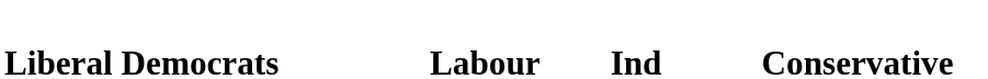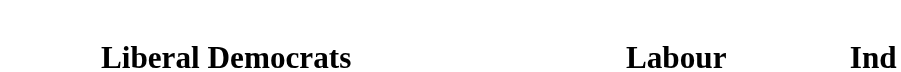 <table style="width:60%; text-align:center;">
 <tr style="color:white;">
 <td style="background:"><strong>24</strong></td>
 <td style="background:"><strong>9</strong></td>
 <td style="background:"><strong>4</strong></td>
-<td style="background:"><strong>23</strong></td>
 </tr>
 <tr>
 <td><span><strong>Liberal Democrats</strong></span></td>
 <td><span><strong>Labour</strong></span></td>
 <td><span><strong>Ind</strong></span></td>
-<td><span><strong>Conservative</strong></span></td>
 </tr>
 </table>
